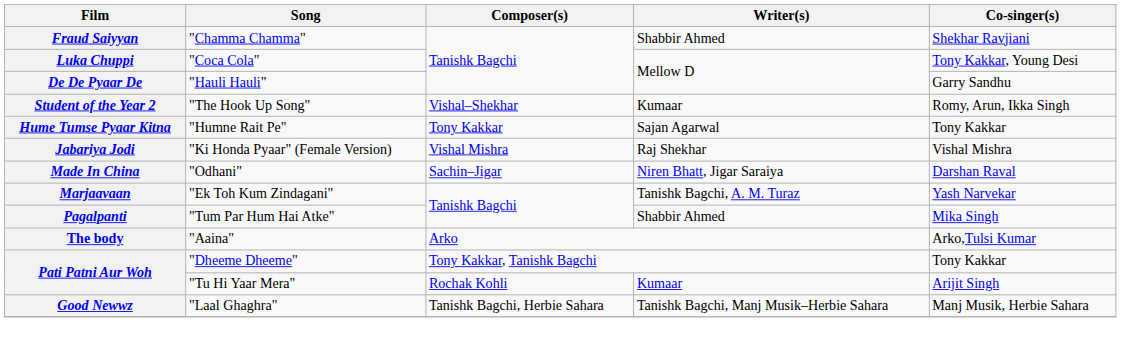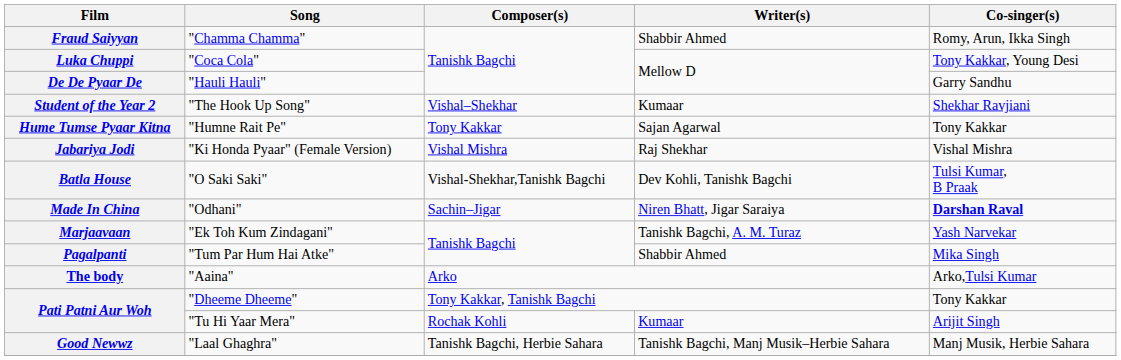 <table class="wikitable plainrowheaders" width="100%">
 <tr>
 <th>Film</th>
 <th>Song</th>
 <th>Composer(s)</th>
 <th>Writer(s)</th>
 <th>Co-singer(s)</th>
 </tr>
 <tr>
 <th scope=row><em><a href='#'>Fraud Saiyyan</a></em></th>
 <td>"<a href='#'>Chamma Chamma</a>"</td>
 <td rowspan=3><a href='#'>Tanishk Bagchi</a></td>
 <td>Shabbir Ahmed</td>
-<td><a href='#'>Shekhar Ravjiani</a></td>
+<td>Romy, Arun, Ikka Singh</td>
 </tr>
 <tr>
 <th scope=row><em><a href='#'>Luka Chuppi</a></em></th>
 <td>"<a href='#'>Coca Cola</a>"</td>
 <td rowspan=2>Mellow D</td>
 <td><a href='#'>Tony Kakkar</a>, Young Desi</td>
 </tr>
 <tr>
 <th scope=row><em><a href='#'>De De Pyaar De</a></em></th>
 <td>"<a href='#'>Hauli Hauli</a>"</td>
 <td>Garry Sandhu</td>
 </tr>
 <tr>
 <th scope=row><em><a href='#'>Student of the Year 2</a></em></th>
 <td>"The Hook Up Song"</td>
 <td><a href='#'>Vishal–Shekhar</a></td>
 <td>Kumaar</td>
-<td>Romy, Arun, Ikka Singh</td>
+<td><a href='#'>Shekhar Ravjiani</a></td>
 </tr>
 <tr>
 <th scope=row><em><a href='#'>Hume Tumse Pyaar Kitna</a></em></th>
 <td>"Humne Rait Pe"</td>
 <td><a href='#'>Tony Kakkar</a></td>
 <td>Sajan Agarwal</td>
 <td>Tony Kakkar</td>
 </tr>
 <tr>
 <th scope=row><em><a href='#'>Jabariya Jodi</a></em></th>
 <td>"Ki Honda Pyaar" (Female Version)</td>
 <td><a href='#'>Vishal Mishra</a></td>
 <td>Raj Shekhar</td>
 <td>Vishal Mishra</td>
 </tr>
 <tr>
+<th scope=row><em><a href='#'>Batla House</a></em></th>
+<td>"O Saki Saki"</td>
+<td>Vishal-Shekhar,Tanishk  Bagchi</td>
+<td>Dev Kohli, Tanishk Bagchi</td>
+<td><a href='#'>Tulsi Kumar</a>,<br><a href='#'>B Praak</a></td>
+</tr>
+<tr>
 <th scope=row><em><a href='#'>Made In China</a></em></th>
 <td>"Odhani"</td>
 <td><a href='#'>Sachin–Jigar</a></td>
 <td><a href='#'>Niren Bhatt</a>, Jigar Saraiya</td>
-<td><a href='#'>Darshan Raval</a></td>
+<td><strong><a href='#'>Darshan Raval</a></strong></td>
 </tr>
 <tr>
 <th scope=row><em><a href='#'>Marjaavaan</a></em></th>
 <td>"Ek Toh Kum Zindagani"</td>
 <td rowspan="2"><a href='#'>Tanishk Bagchi</a></td>
 <td>Tanishk Bagchi, <a href='#'>A. M. Turaz</a></td>
 <td><a href='#'>Yash Narvekar</a></td>
 </tr>
 <tr>
 <th scope=row><em><a href='#'>Pagalpanti</a></em></th>
 <td>"Tum Par Hum Hai Atke"</td>
 <td>Shabbir Ahmed</td>
 <td><a href='#'>Mika Singh</a></td>
 </tr>
 <tr>
 <th><a href='#'>The body</a></th>
 <td>"Aaina"</td>
 <td colspan="2"><a href='#'>Arko</a></td>
 <td>Arko,<a href='#'>Tulsi Kumar</a></td>
 </tr>
 <tr>
 <th scope=row rowspan="2"><em><a href='#'>Pati Patni Aur Woh</a></em></th>
 <td>"<a href='#'>Dheeme Dheeme</a>"</td>
 <td colspan=2><a href='#'>Tony Kakkar</a>, <a href='#'>Tanishk Bagchi</a></td>
 <td>Tony Kakkar</td>
 </tr>
 <tr>
 <td>"Tu Hi Yaar Mera"</td>
 <td><a href='#'>Rochak Kohli</a></td>
 <td><a href='#'>Kumaar</a></td>
 <td><a href='#'>Arijit Singh</a></td>
 </tr>
 <tr>
 <th scope=row><em><a href='#'>Good Newwz</a></em></th>
 <td>"Laal Ghaghra"</td>
 <td>Tanishk Bagchi, Herbie Sahara</td>
 <td>Tanishk Bagchi, Manj Musik–Herbie Sahara</td>
 <td>Manj Musik, Herbie Sahara</td>
 </tr>
 <tr>
 </tr>
 </table>
